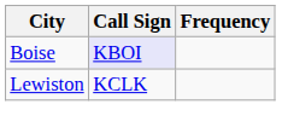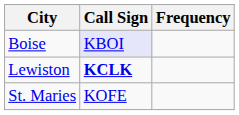 <table class="wikitable">
 <tr>
 <th scope="col">City</th>
 <th scope="col">Call Sign</th>
 <th scope="col">Frequency</th>
 </tr>
 <tr>
 <td><a href='#'>Boise</a></td>
 <td style="background: lavender;"><a href='#'>KBOI</a></td>
 <td></td>
 </tr>
 <tr>
 <td><a href='#'>Lewiston</a></td>
-<td><a href='#'>KCLK</a></td>
+<td><strong><a href='#'>KCLK</a></strong></td>
+<td></td>
+</tr>
+<tr>
+<td><a href='#'>St. Maries</a></td>
+<td><a href='#'>KOFE</a></td>
 <td></td>
 </tr>
 </table>
